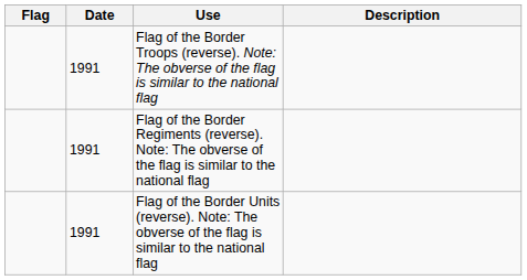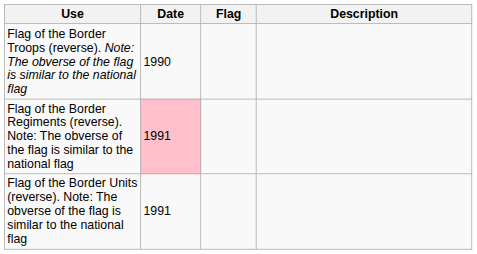 <table class="wikitable">
 <tr>
+<th scope="col" style="width:300px;">Use</th>
+<th scope="col" style="width:120px;">Date</th>
 <th scope="col" style="width:110px;">Flag</th>
-<th scope="col" style="width:120px;">Date</th>
-<th scope="col" style="width:300px;">Use</th>
 <th scope="col" style="width:530px;">Description</th>
 </tr>
 <tr>
+<td>Flag of the Border Troops (reverse). <em>Note: The obverse of the flag is similar to the national flag</em></td>
+<td>1990</td>
 <td></td>
-<td>1991</td>
-<td>Flag of the Border Troops (reverse). <em>Note: The obverse of the flag is similar to the national flag</em></td>
 <td></td>
 </tr>
 <tr>
+<td>Flag of the Border Regiments (reverse). Note: The obverse of the flag is similar to the national flag</td>
+<td style="background: pink;">1991</td>
 <td></td>
-<td>1991</td>
-<td>Flag of the Border Regiments (reverse). Note: The obverse of the flag is similar to the national flag</td>
 <td></td>
 </tr>
 <tr>
+<td>Flag of the Border Units (reverse). Note: The obverse of the flag is similar to the national flag</td>
+<td>1991</td>
 <td></td>
-<td>1991</td>
-<td>Flag of the Border Units (reverse). Note: The obverse of the flag is similar to the national flag</td>
 <td></td>
 </tr>
 </table>
